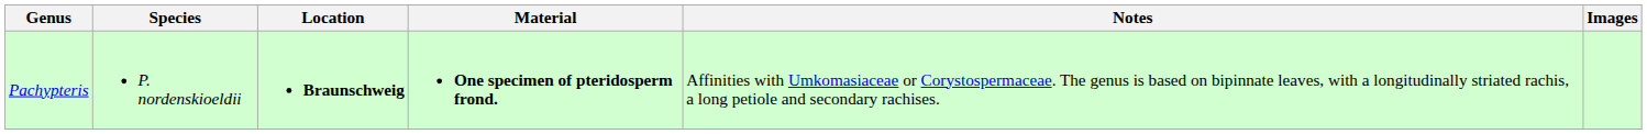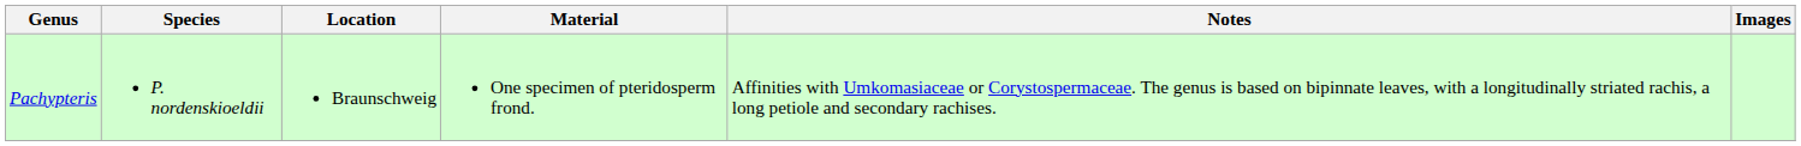 <table class="wikitable sortable">
 <tr>
 <th>Genus</th>
 <th>Species</th>
 <th>Location</th>
 <th>Material</th>
 <th>Notes</th>
 <th>Images</th>
 </tr>
 <tr>
 <td style="background:#D1FFCF;"><br><em><a href='#'>Pachypteris</a></em></td>
 <td style="background:#D1FFCF;"><br><ul><li><em>P. nordenskioeldii</em></li></ul></td>
-<td style="background:#D1FFCF;"><strong><br><ul><li>Braunschweig</li></ul></strong></td>
-<td style="background:#D1FFCF;"><strong><br><ul><li>One specimen of pteridosperm frond.</li></ul></strong></td>
+<td style="background:#D1FFCF;"><br><ul><li>Braunschweig</li></ul></td>
+<td style="background:#D1FFCF;"><br><ul><li>One specimen of pteridosperm frond.</li></ul></td>
 <td style="background:#D1FFCF;"><br>Affinities with <a href='#'>Umkomasiaceae</a> or <a href='#'>Corystospermaceae</a>. The genus is based on bipinnate leaves, with a longitudinally striated rachis, a long petiole and secondary rachises.</td>
 <td style="background:#D1FFCF;"><br></td>
 </tr>
 <tr>
 </tr>
 </table>
